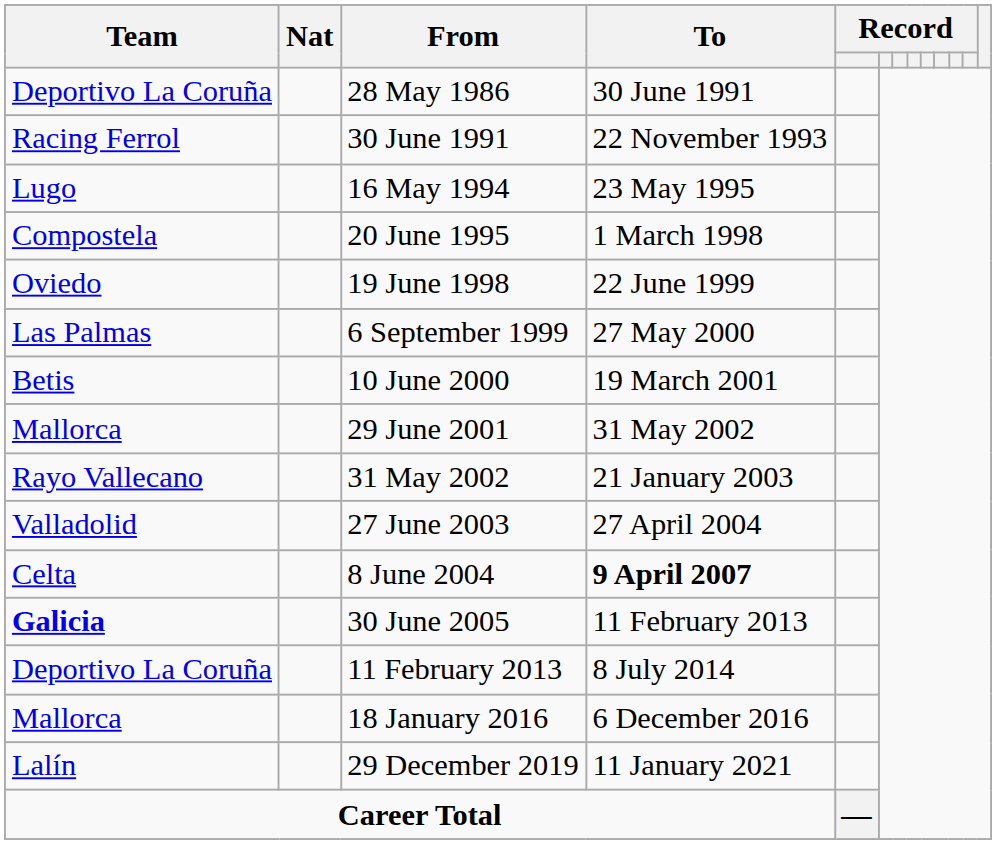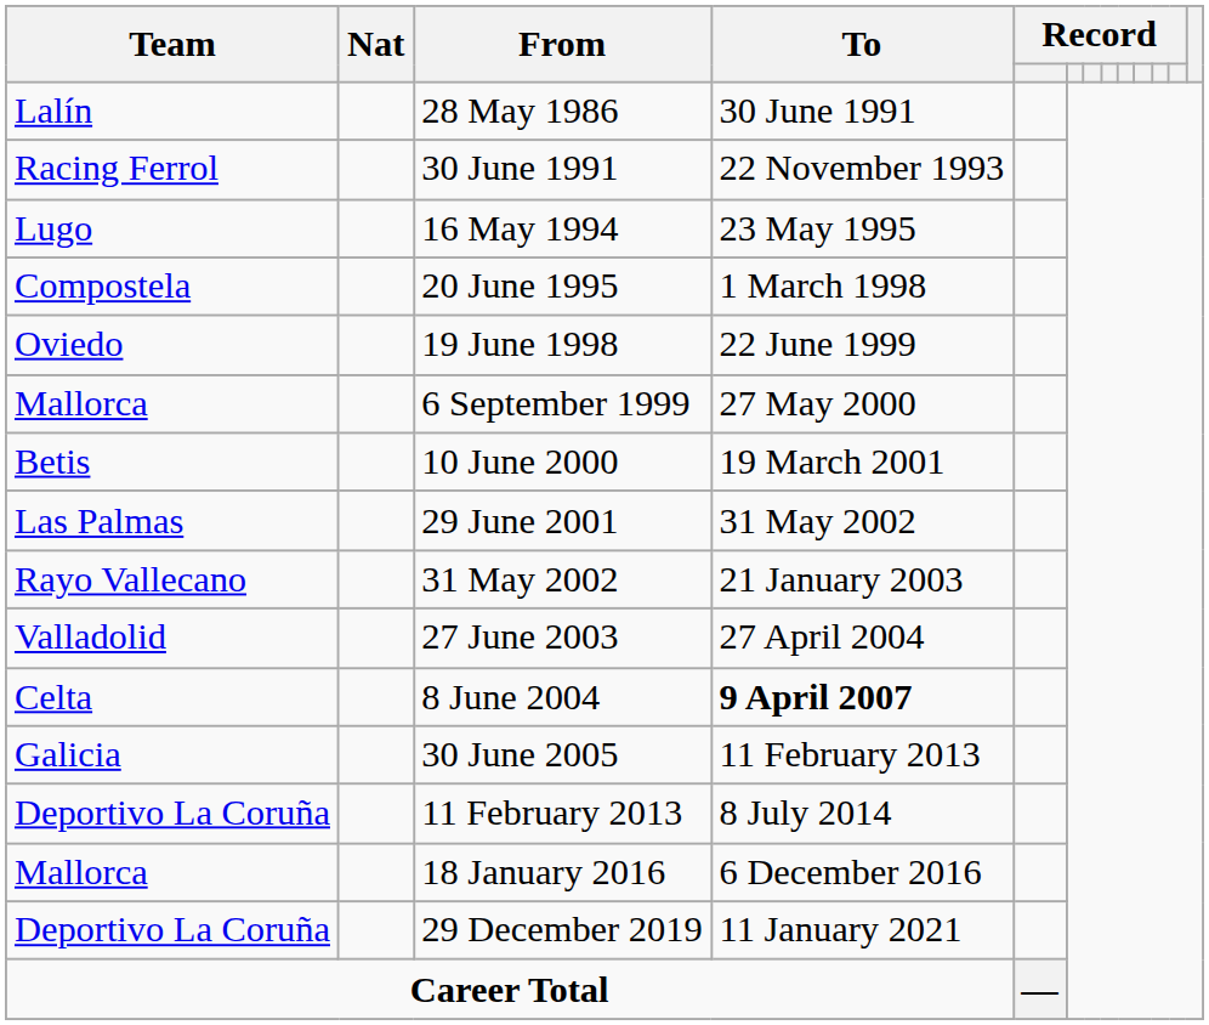 <table class="wikitable" style="text-align: center">
 <tr>
 <th rowspan="2">Team</th>
 <th rowspan="2">Nat</th>
 <th rowspan="2">From</th>
 <th rowspan="2">To</th>
 <th colspan="8">Record</th>
 <th rowspan=2></th>
 </tr>
 <tr>
 <th></th>
 <th></th>
 <th></th>
 <th></th>
 <th></th>
 <th></th>
 <th></th>
 <th></th>
 </tr>
 <tr>
-<td align="left"><a href='#'>Deportivo La Coruña</a></td>
+<td align="left"><a href='#'>Lalín</a></td>
 <td></td>
 <td align=left>28 May 1986</td>
 <td align=left>30 June 1991<br></td>
 <td></td>
 </tr>
 <tr>
 <td align="left"><a href='#'>Racing Ferrol</a></td>
 <td></td>
 <td align=left>30 June 1991</td>
 <td align=left>22 November 1993<br></td>
 <td></td>
 </tr>
 <tr>
 <td align="left"><a href='#'>Lugo</a></td>
 <td></td>
 <td align=left>16 May 1994</td>
 <td align=left>23 May 1995<br></td>
 <td></td>
 </tr>
 <tr>
 <td align="left"><a href='#'>Compostela</a></td>
 <td></td>
 <td align=left>20 June 1995</td>
 <td align=left>1 March 1998<br></td>
 <td></td>
 </tr>
 <tr>
 <td align="left"><a href='#'>Oviedo</a></td>
 <td></td>
 <td align=left>19 June 1998</td>
 <td align=left>22 June 1999<br></td>
 <td></td>
 </tr>
 <tr>
-<td align="left"><a href='#'>Las Palmas</a></td>
+<td align="left"><a href='#'>Mallorca</a></td>
 <td></td>
 <td align=left>6 September 1999</td>
 <td align=left>27 May 2000<br></td>
 <td></td>
 </tr>
 <tr>
 <td align="left"><a href='#'>Betis</a></td>
 <td></td>
 <td align=left>10 June 2000</td>
 <td align=left>19 March 2001<br></td>
 <td></td>
 </tr>
 <tr>
-<td align="left"><a href='#'>Mallorca</a></td>
+<td align="left"><a href='#'>Las Palmas</a></td>
 <td></td>
 <td align=left>29 June 2001</td>
 <td align=left>31 May 2002<br></td>
 <td></td>
 </tr>
 <tr>
 <td align="left"><a href='#'>Rayo Vallecano</a></td>
 <td></td>
 <td align=left>31 May 2002</td>
 <td align=left>21 January 2003<br></td>
 <td></td>
 </tr>
 <tr>
 <td align="left"><a href='#'>Valladolid</a></td>
 <td></td>
 <td align=left>27 June 2003</td>
 <td align=left>27 April 2004<br></td>
 <td></td>
 </tr>
 <tr>
 <td align="left"><a href='#'>Celta</a></td>
 <td></td>
 <td align=left>8 June 2004</td>
 <td align=left><strong>9 April 2007<br></strong></td>
 <td></td>
 </tr>
 <tr>
-<td align="left"><strong><a href='#'>Galicia</a></strong></td>
+<td align="left"><a href='#'>Galicia</a></td>
 <td></td>
 <td align=left>30 June 2005</td>
 <td align=left>11 February 2013<br></td>
 <td></td>
 </tr>
 <tr>
 <td align="left"><a href='#'>Deportivo La Coruña</a></td>
 <td></td>
 <td align=left>11 February 2013</td>
 <td align=left>8 July 2014<br></td>
 <td></td>
 </tr>
 <tr>
 <td align="left"><a href='#'>Mallorca</a></td>
 <td></td>
 <td align=left>18 January 2016</td>
 <td align=left>6 December 2016<br></td>
 <td></td>
 </tr>
 <tr>
-<td align="left"><a href='#'>Lalín</a></td>
+<td align="left"><a href='#'>Deportivo La Coruña</a></td>
 <td></td>
 <td align=left>29 December 2019</td>
 <td align=left>11 January 2021<br></td>
 <td></td>
 </tr>
 <tr>
 <td colspan=4><strong>Career Total</strong><br></td>
 <th>—</th>
 </tr>
 </table>
